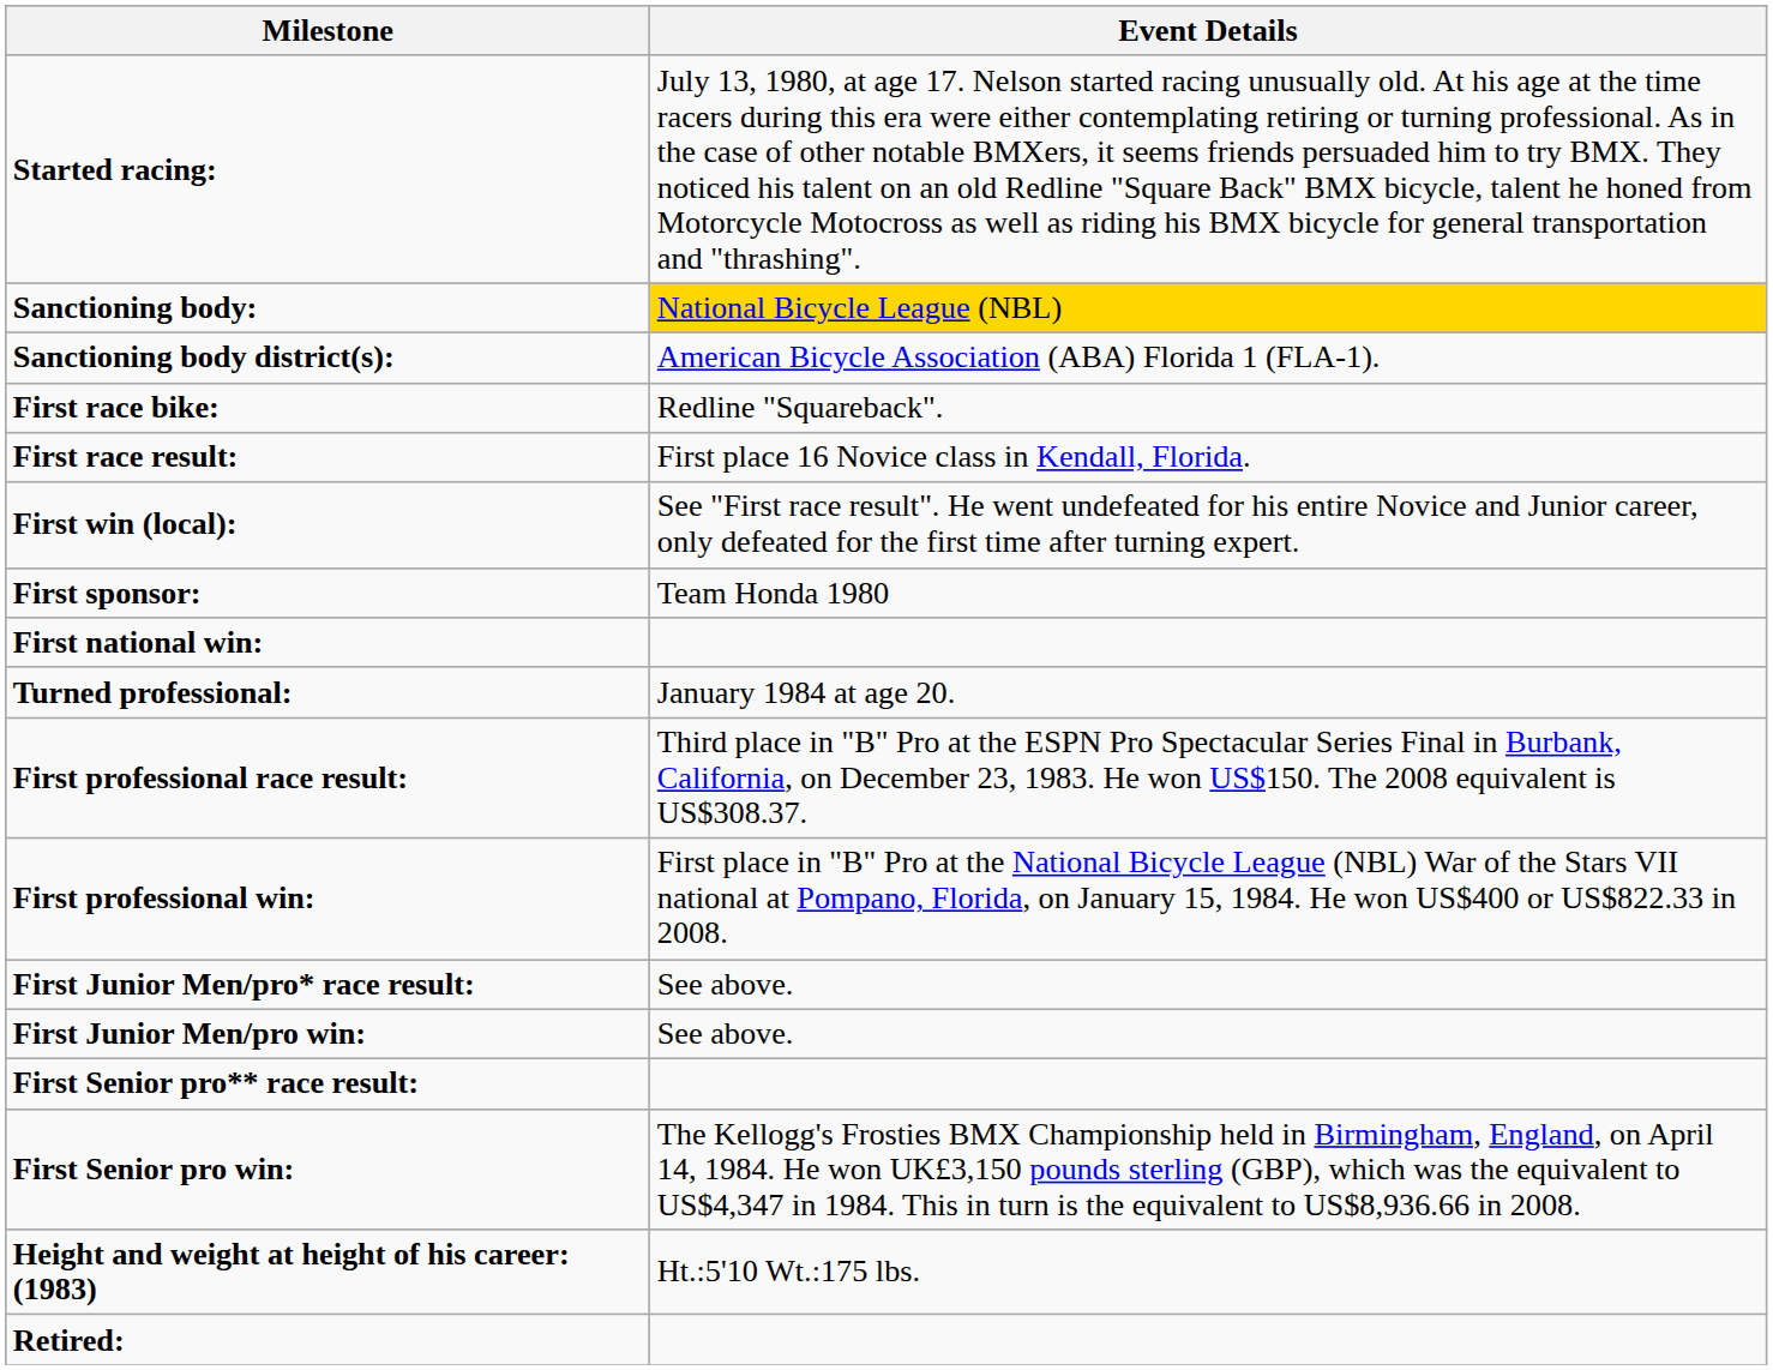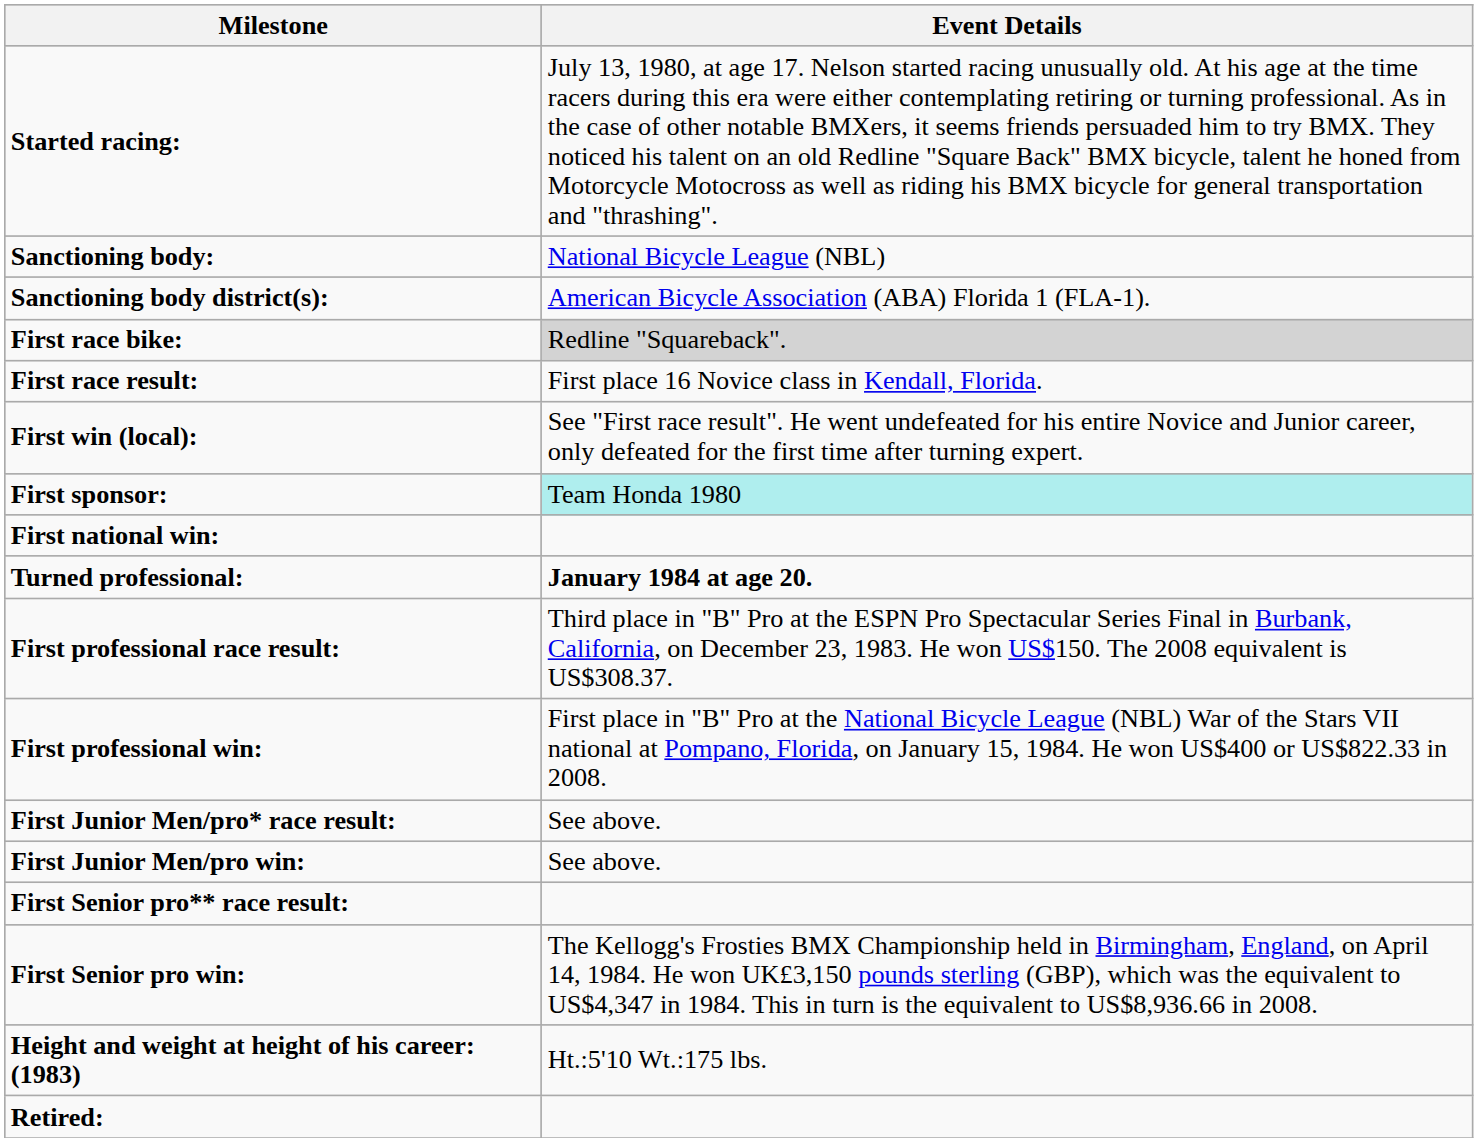 <table class="wikitable">
 <tr>
 <th style="width:20em">Milestone</th>
 <th style="width:35em">Event Details</th>
 </tr>
 <tr>
 <td><strong>Started racing:</strong></td>
 <td>July 13, 1980, at age 17. Nelson started racing unusually old. At his age at the time racers during this era were either contemplating retiring or turning professional. As in the case of other notable BMXers, it seems friends persuaded him to try BMX. They noticed his talent on an old Redline "Square Back" BMX bicycle, talent he honed from Motorcycle Motocross as well as riding his BMX bicycle for general transportation and "thrashing".</td>
 </tr>
 <tr>
 <td><strong>Sanctioning body:</strong></td>
-<td style="background: gold;"><a href='#'>National Bicycle League</a> (NBL)</td>
+<td><a href='#'>National Bicycle League</a> (NBL)</td>
 </tr>
 <tr>
 <td><strong>Sanctioning body district(s):</strong></td>
 <td><a href='#'>American Bicycle Association</a> (ABA) Florida 1 (FLA-1).</td>
 </tr>
 <tr>
 <td><strong>First race bike:</strong></td>
-<td>Redline "Squareback".</td>
+<td style="background: lightgrey;">Redline "Squareback".</td>
 </tr>
 <tr>
 <td><strong>First race result:</strong></td>
 <td>First place 16 Novice class in <a href='#'>Kendall, Florida</a>.</td>
 </tr>
 <tr>
 <td><strong>First win (local):</strong></td>
 <td>See "First race result". He went undefeated for his entire Novice and Junior career, only defeated for the first time after turning expert.</td>
 </tr>
 <tr>
 <td><strong>First sponsor:</strong></td>
-<td>Team Honda 1980</td>
+<td style="background: paleturquoise;">Team Honda 1980</td>
 </tr>
 <tr>
 <td><strong>First national win:</strong></td>
 <td></td>
 </tr>
 <tr>
 <td><strong>Turned professional:</strong></td>
-<td>January 1984 at age 20.</td>
+<td><strong>January 1984 at age 20.</strong></td>
 </tr>
 <tr>
 <td><strong>First professional race result:</strong></td>
 <td>Third place in "B" Pro at the ESPN Pro Spectacular Series Final in <a href='#'>Burbank, California</a>, on December 23, 1983. He won <a href='#'>US$</a>150. The 2008 equivalent is US$308.37.</td>
 </tr>
 <tr>
 <td><strong>First professional win:</strong></td>
 <td>First place in "B" Pro at the <a href='#'>National Bicycle League</a> (NBL) War of the Stars VII national at <a href='#'>Pompano, Florida</a>, on January 15, 1984. He won US$400 or US$822.33 in 2008.</td>
 </tr>
 <tr>
 <td><strong>First Junior Men/pro* race result:</strong></td>
 <td>See above.</td>
 </tr>
 <tr>
 <td><strong>First Junior Men/pro win:</strong></td>
 <td>See above.</td>
 </tr>
 <tr>
 <td><strong>First Senior pro** race result:</strong></td>
 <td></td>
 </tr>
 <tr>
 <td><strong>First Senior pro win:</strong></td>
 <td>The Kellogg's Frosties BMX Championship held in <a href='#'>Birmingham</a>, <a href='#'>England</a>, on April 14, 1984. He won UK£3,150 <a href='#'>pounds sterling</a> (GBP), which was the equivalent to US$4,347 in 1984. This in turn is the equivalent to US$8,936.66 in 2008.</td>
 </tr>
 <tr>
 <td><strong>Height and weight at height of his career: (1983)</strong></td>
 <td>Ht.:5'10 Wt.:175 lbs.</td>
 </tr>
 <tr>
 <td><strong>Retired:</strong></td>
 <td></td>
 </tr>
 </table>
